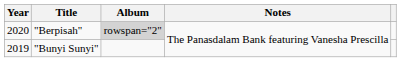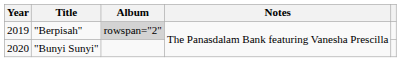 <table class="wikitable unsortable">
 <tr>
 <th>Year</th>
 <th>Title</th>
 <th>Album</th>
 <th>Notes</th>
 <th></th>
 </tr>
 <tr>
-<td>2020</td>
+<td>2019</td>
 <td>"Berpisah"</td>
 <td style="background: lightgrey;">rowspan="2" </td>
 <td rowspan="3">The Panasdalam Bank featuring Vanesha Prescilla</td>
 <td align="center"></td>
 </tr>
 <tr>
-<td>2019</td>
+<td>2020</td>
 <td>"Bunyi Sunyi"</td>
 <td align="center"></td>
 </tr>
 </table>
